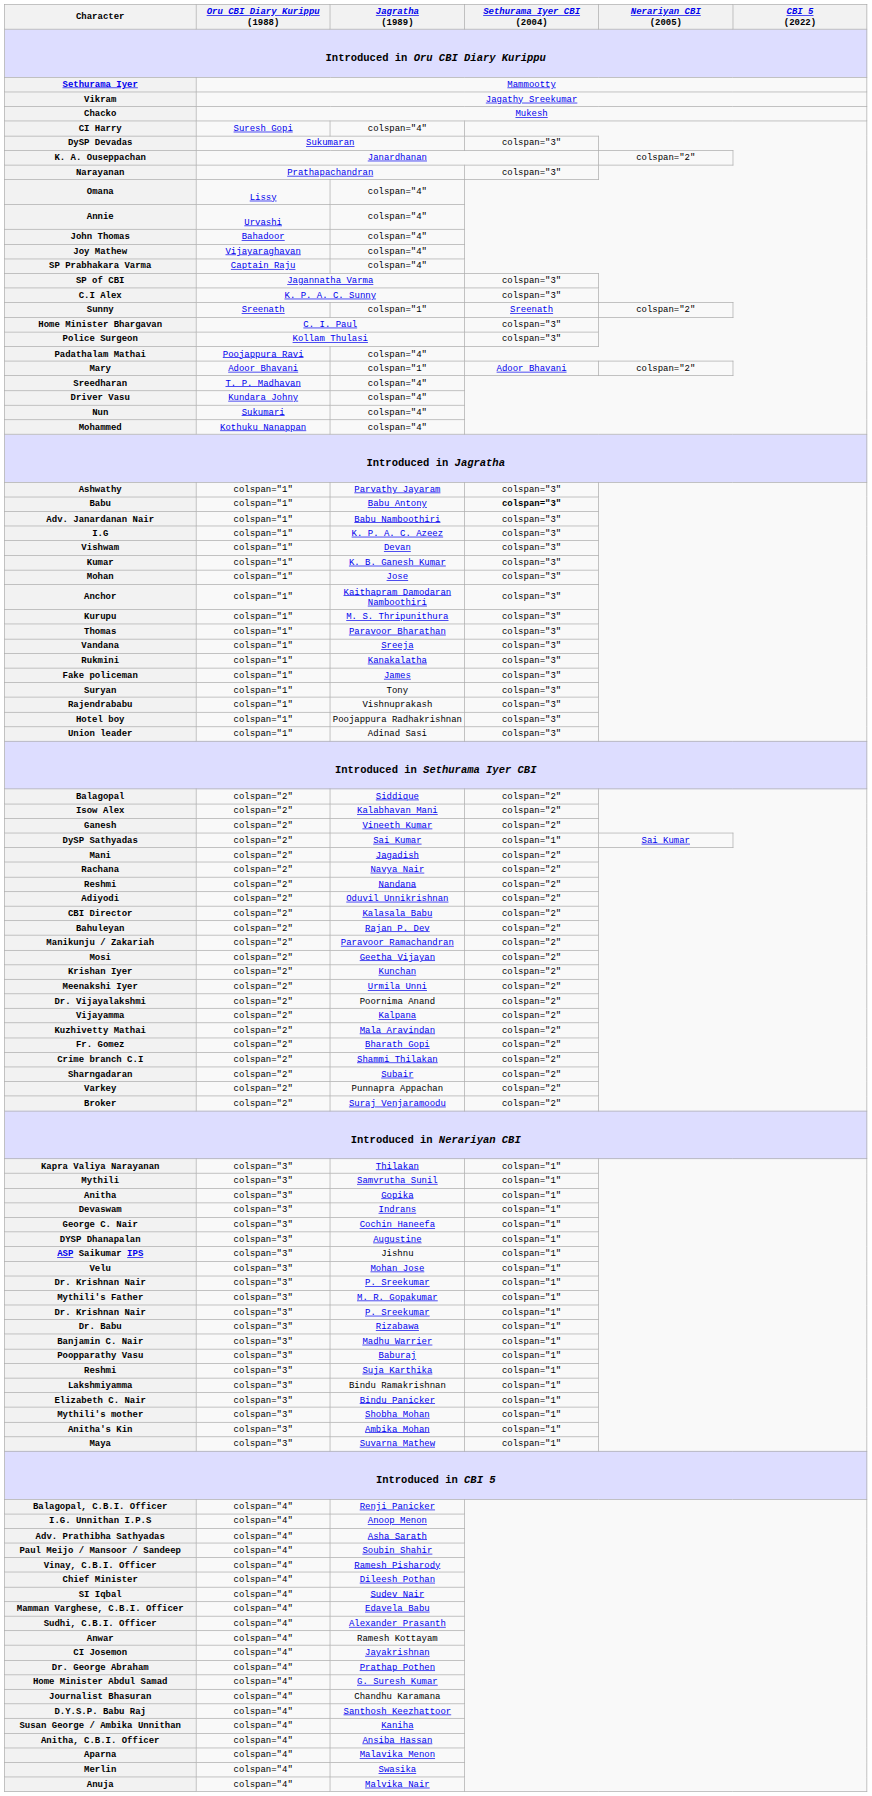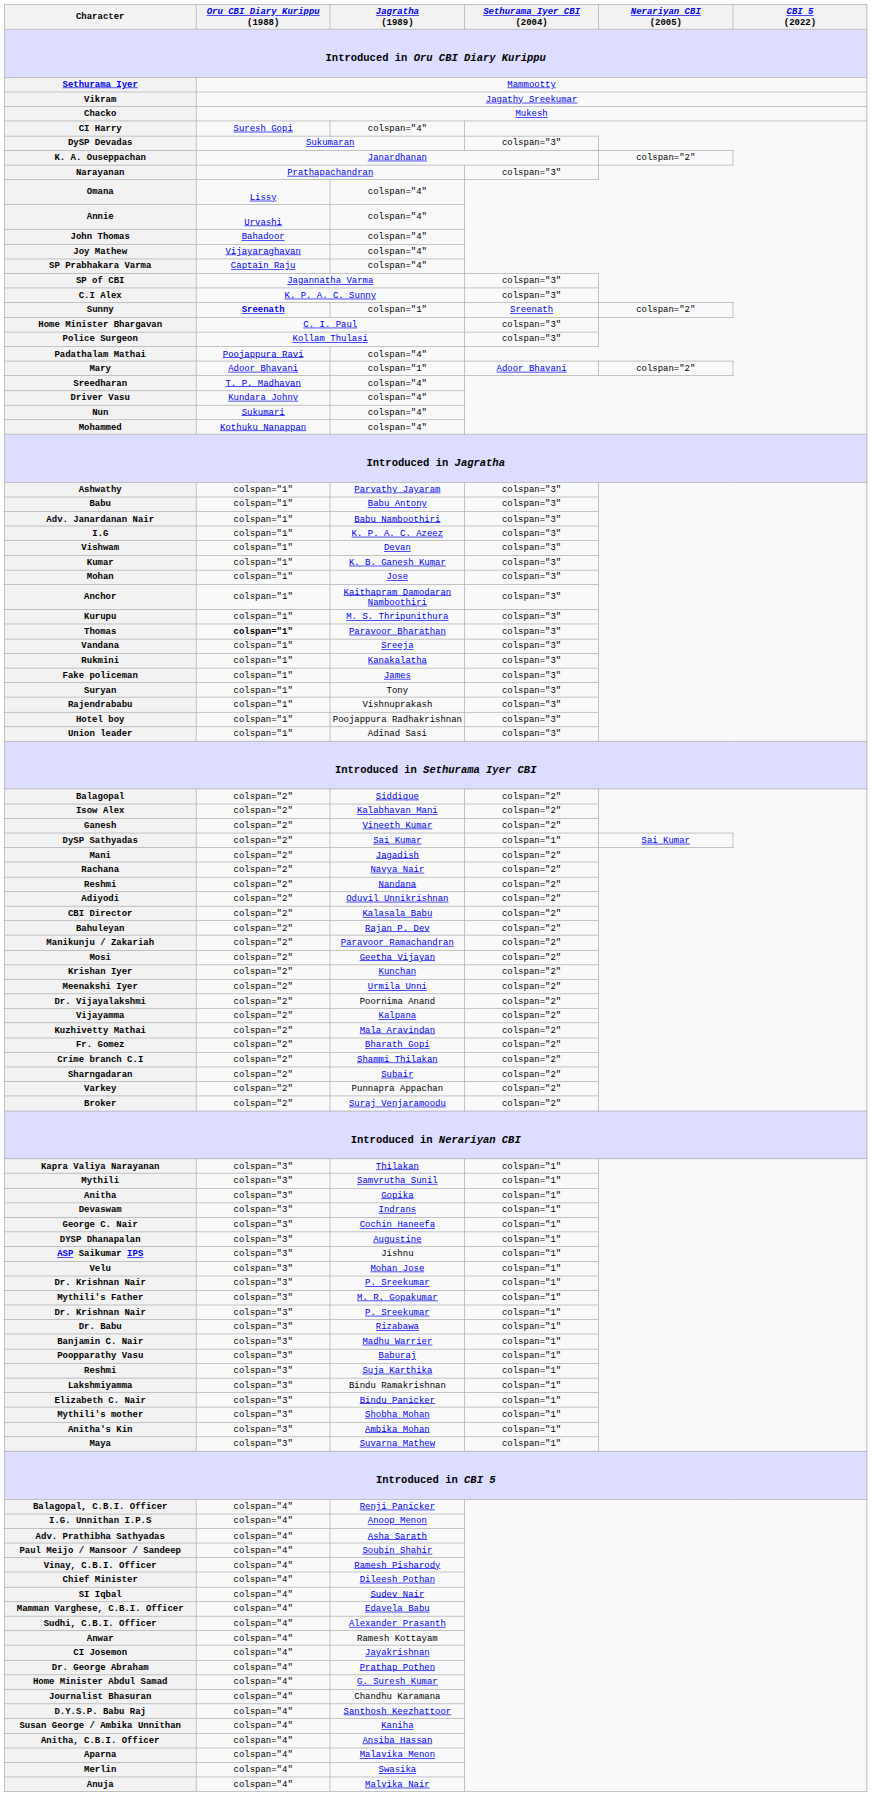 <table class="wikitable" style="text-align:center; width:99%;">
 <tr>
 <th style="width:15%;">Character</th>
 <th style="width:10.5%;"><em><a href='#'>Oru CBI Diary Kurippu</a></em><br>(1988)</th>
 <th style="width:10.5%;"><em><a href='#'>Jagratha</a></em><br>(1989)</th>
 <th style="width:10.5%;"><em><a href='#'>Sethurama Iyer CBI</a></em><br>(2004)</th>
 <th style="width:10.5%;"><em><a href='#'>Nerariyan CBI</a></em><br>(2005)</th>
 <th style="width:10.5%;"><em><a href='#'>CBI 5</a></em><br>(2022)</th>
 </tr>
 <tr>
 <th colspan="9" style="background-color:#ddf;"><br><h3>Introduced in <em>Oru CBI Diary Kurippu</em></h3></th>
 </tr>
 <tr>
 <th scope="row"><a href='#'>Sethurama Iyer</a></th>
 <td colspan="5"><a href='#'>Mammootty</a></td>
 </tr>
 <tr>
 <th scope="row">Vikram</th>
 <td colspan="5"><a href='#'>Jagathy Sreekumar</a></td>
 </tr>
 <tr>
 <th scope="row">Chacko</th>
 <td colspan="5"><a href='#'>Mukesh</a></td>
 </tr>
 <tr>
 <th scope="row">CI Harry</th>
 <td colspan="1"><a href='#'>Suresh Gopi</a></td>
 <td>colspan="4" </td>
 </tr>
 <tr>
 <th scope="row">DySP Devadas</th>
 <td colspan="2"><a href='#'>Sukumaran</a></td>
 <td>colspan="3" </td>
 </tr>
 <tr>
 <th scope="row">K. A. Ouseppachan</th>
 <td colspan="3"><a href='#'>Janardhanan</a></td>
 <td>colspan="2" </td>
 </tr>
 <tr>
 <th scope="row">Narayanan</th>
 <td colspan="2"><a href='#'>Prathapachandran</a></td>
 <td>colspan="3" </td>
 </tr>
 <tr>
 <th scope="row">Omana</th>
 <td colspan="1"><br><a href='#'>Lissy</a></td>
 <td>colspan="4" </td>
 </tr>
 <tr>
 <th scope="row">Annie</th>
 <td colspan="1"><br><a href='#'>Urvashi</a></td>
 <td>colspan="4" </td>
 </tr>
 <tr>
 <th scope="row">John Thomas</th>
 <td colspan="1"><a href='#'>Bahadoor</a></td>
 <td>colspan="4" </td>
 </tr>
 <tr>
 <th scope="row">Joy Mathew</th>
 <td colspan="1"><a href='#'>Vijayaraghavan</a></td>
 <td>colspan="4" </td>
 </tr>
 <tr>
 <th scope="row">SP Prabhakara Varma</th>
 <td colspan="1"><a href='#'>Captain Raju</a></td>
 <td>colspan="4" </td>
 </tr>
 <tr>
 <th scope="row">SP of CBI</th>
 <td colspan="2"><a href='#'>Jagannatha Varma</a></td>
 <td>colspan="3" </td>
 </tr>
 <tr>
 <th scope="row">C.I Alex</th>
 <td colspan="2"><a href='#'>K. P. A. C. Sunny</a></td>
 <td>colspan="3" </td>
 </tr>
 <tr>
 <th scope="row">Sunny</th>
-<td colspan="1"><a href='#'>Sreenath</a></td>
+<td colspan="1"><strong><a href='#'>Sreenath</a></strong></td>
 <td>colspan="1" </td>
 <td colspan="1"><a href='#'>Sreenath</a></td>
 <td>colspan="2" </td>
 </tr>
 <tr>
 <th scope="row">Home Minister Bhargavan</th>
 <td colspan="2"><a href='#'>C. I. Paul</a></td>
 <td>colspan="3" </td>
 </tr>
 <tr>
 <th scope="row">Police Surgeon</th>
 <td colspan="2"><a href='#'>Kollam Thulasi</a></td>
 <td>colspan="3" </td>
 </tr>
 <tr>
 <th scope="row">Padathalam Mathai</th>
 <td colspan="1"><a href='#'>Poojappura Ravi</a></td>
 <td>colspan="4" </td>
 </tr>
 <tr>
 <th scope="row">Mary</th>
 <td colspan="1"><a href='#'>Adoor Bhavani</a></td>
 <td>colspan="1" </td>
 <td colspan="1"><a href='#'>Adoor Bhavani</a></td>
 <td>colspan="2" </td>
 </tr>
 <tr>
 <th scope="row">Sreedharan</th>
 <td colspan="1"><a href='#'>T. P. Madhavan</a></td>
 <td>colspan="4" </td>
 </tr>
 <tr>
 <th scope="row">Driver Vasu</th>
 <td colspan="1"><a href='#'>Kundara Johny</a></td>
 <td>colspan="4" </td>
 </tr>
 <tr>
 <th scope="row">Nun</th>
 <td colspan="1"><a href='#'>Sukumari</a></td>
 <td>colspan="4" </td>
 </tr>
 <tr>
 <th scope="row">Mohammed</th>
 <td colspan="1"><a href='#'>Kothuku Nanappan</a></td>
 <td>colspan="4" </td>
 </tr>
 <tr>
 <th colspan="9" style="background-color:#ddf;"><br><h3>Introduced in <em>Jagratha</em></h3></th>
 </tr>
 <tr>
 <th scope="row">Ashwathy</th>
 <td>colspan="1"  </td>
 <td colspan="1"><a href='#'>Parvathy Jayaram</a></td>
 <td>colspan="3"  </td>
 </tr>
 <tr>
 <th scope="row">Babu</th>
 <td>colspan="1"  </td>
 <td colspan="1"><a href='#'>Babu Antony</a></td>
-<td><strong>colspan="3"  </strong></td>
+<td>colspan="3"  </td>
 </tr>
 <tr>
 <th scope="row">Adv. Janardanan Nair</th>
 <td>colspan="1"  </td>
 <td colspan="1"><a href='#'>Babu Namboothiri</a></td>
 <td>colspan="3"  </td>
 </tr>
 <tr>
 <th scope="row">I.G</th>
 <td>colspan="1"  </td>
 <td colspan="1"><a href='#'>K. P. A. C. Azeez</a></td>
 <td>colspan="3"  </td>
 </tr>
 <tr>
 <th scope="row">Vishwam</th>
 <td>colspan="1"  </td>
 <td colspan="1"><a href='#'>Devan</a></td>
 <td>colspan="3"  </td>
 </tr>
 <tr>
 <th scope="row">Kumar</th>
 <td>colspan="1"  </td>
 <td colspan="1"><a href='#'>K. B. Ganesh Kumar</a></td>
 <td>colspan="3"  </td>
 </tr>
 <tr>
 <th scope="row">Mohan</th>
 <td>colspan="1"  </td>
 <td colspan="1"><a href='#'>Jose</a></td>
 <td>colspan="3"  </td>
 </tr>
 <tr>
 <th scope="row">Anchor</th>
 <td>colspan="1"  </td>
 <td colspan="1"><a href='#'>Kaithapram Damodaran Namboothiri</a></td>
 <td>colspan="3"  </td>
 </tr>
 <tr>
 <th scope="row">Kurupu</th>
 <td>colspan="1"  </td>
 <td colspan="1"><a href='#'>M. S. Thripunithura</a></td>
 <td>colspan="3"  </td>
 </tr>
 <tr>
 <th scope="row">Thomas</th>
-<td>colspan="1"  </td>
+<td><strong>colspan="1"  </strong></td>
 <td colspan="1"><a href='#'>Paravoor Bharathan</a></td>
 <td>colspan="3"  </td>
 </tr>
 <tr>
 <th scope="row">Vandana</th>
 <td>colspan="1"  </td>
 <td colspan="1"><a href='#'>Sreeja</a></td>
 <td>colspan="3"  </td>
 </tr>
 <tr>
 <th scope="row">Rukmini</th>
 <td>colspan="1"  </td>
 <td colspan="1"><a href='#'>Kanakalatha</a></td>
 <td>colspan="3"  </td>
 </tr>
 <tr>
 <th scope="row">Fake policeman</th>
 <td>colspan="1"  </td>
 <td colspan="1"><a href='#'>James</a></td>
 <td>colspan="3"  </td>
 </tr>
 <tr>
 <th scope="row">Suryan</th>
 <td>colspan="1"  </td>
 <td colspan="1">Tony</td>
 <td>colspan="3"  </td>
 </tr>
 <tr>
 <th scope="row">Rajendrababu</th>
 <td>colspan="1"  </td>
 <td colspan="1">Vishnuprakash</td>
 <td>colspan="3"  </td>
 </tr>
 <tr>
 <th scope="row">Hotel boy</th>
 <td>colspan="1"  </td>
 <td colspan="1">Poojappura Radhakrishnan</td>
 <td>colspan="3"  </td>
 </tr>
 <tr>
 <th scope="row">Union leader</th>
 <td>colspan="1"  </td>
 <td colspan="1">Adinad Sasi</td>
 <td>colspan="3"  </td>
 </tr>
 <tr>
 <th colspan="9" style="background-color:#ddf;"><br><h3>Introduced in <em>Sethurama Iyer CBI</em></h3></th>
 </tr>
 <tr>
 <th scope="row">Balagopal</th>
 <td>colspan="2"  </td>
 <td colspan="1"><a href='#'>Siddique</a></td>
 <td>colspan="2"  </td>
 </tr>
 <tr>
 <th scope="row">Isow Alex</th>
 <td>colspan="2"  </td>
 <td colspan="1"><a href='#'>Kalabhavan Mani</a></td>
 <td>colspan="2"  </td>
 </tr>
 <tr>
 <th scope="row">Ganesh</th>
 <td>colspan="2"  </td>
 <td colspan="1"><a href='#'>Vineeth Kumar</a></td>
 <td>colspan="2"  </td>
 </tr>
 <tr>
 <th scope="row">DySP Sathyadas</th>
 <td>colspan="2"  </td>
 <td colspan="1"><a href='#'>Sai Kumar</a></td>
 <td>colspan="1"  </td>
 <td colspan="1"><a href='#'>Sai Kumar</a></td>
 </tr>
 <tr>
 <th scope="row">Mani</th>
 <td>colspan="2"  </td>
 <td colspan="1"><a href='#'>Jagadish</a></td>
 <td>colspan="2"  </td>
 </tr>
 <tr>
 <th scope="row">Rachana</th>
 <td>colspan="2"  </td>
 <td colspan="1"><a href='#'>Navya Nair</a></td>
 <td>colspan="2"  </td>
 </tr>
 <tr>
 <th scope="row">Reshmi</th>
 <td>colspan="2"  </td>
 <td colspan="1"><a href='#'>Nandana</a></td>
 <td>colspan="2"  </td>
 </tr>
 <tr>
 <th scope="row">Adiyodi</th>
 <td>colspan="2"  </td>
 <td colspan="1"><a href='#'>Oduvil Unnikrishnan</a></td>
 <td>colspan="2"  </td>
 </tr>
 <tr>
 <th scope="row">CBI Director</th>
 <td>colspan="2"  </td>
 <td colspan="1"><a href='#'>Kalasala Babu</a></td>
 <td>colspan="2"  </td>
 </tr>
 <tr>
 <th scope="row">Bahuleyan</th>
 <td>colspan="2"  </td>
 <td colspan="1"><a href='#'>Rajan P. Dev</a></td>
 <td>colspan="2"  </td>
 </tr>
 <tr>
 <th scope="row">Manikunju / Zakariah</th>
 <td>colspan="2"  </td>
 <td colspan="1"><a href='#'>Paravoor Ramachandran</a></td>
 <td>colspan="2"  </td>
 </tr>
 <tr>
 <th scope="row">Mosi</th>
 <td>colspan="2"  </td>
 <td colspan="1"><a href='#'>Geetha Vijayan</a></td>
 <td>colspan="2"  </td>
 </tr>
 <tr>
 <th scope="row">Krishan Iyer</th>
 <td>colspan="2"  </td>
 <td colspan="1"><a href='#'>Kunchan</a></td>
 <td>colspan="2"  </td>
 </tr>
 <tr>
 <th scope="row">Meenakshi Iyer</th>
 <td>colspan="2"  </td>
 <td colspan="1"><a href='#'>Urmila Unni</a></td>
 <td>colspan="2"  </td>
 </tr>
 <tr>
 <th scope="row">Dr. Vijayalakshmi</th>
 <td>colspan="2"  </td>
 <td colspan="1">Poornima Anand</td>
 <td>colspan="2"  </td>
 </tr>
 <tr>
 <th scope="row">Vijayamma</th>
 <td>colspan="2"  </td>
 <td colspan="1"><a href='#'>Kalpana</a></td>
 <td>colspan="2"  </td>
 </tr>
 <tr>
 <th scope="row">Kuzhivetty Mathai</th>
 <td>colspan="2"  </td>
 <td colspan="1"><a href='#'>Mala Aravindan</a></td>
 <td>colspan="2"  </td>
 </tr>
 <tr>
 <th scope="row">Fr. Gomez</th>
 <td>colspan="2"  </td>
 <td colspan="1"><a href='#'>Bharath Gopi</a></td>
 <td>colspan="2"  </td>
 </tr>
 <tr>
 <th scope="row">Crime branch C.I</th>
 <td>colspan="2"  </td>
 <td colspan="1"><a href='#'>Shammi Thilakan</a></td>
 <td>colspan="2"  </td>
 </tr>
 <tr>
 <th scope="row">Sharngadaran</th>
 <td>colspan="2"  </td>
 <td colspan="1"><a href='#'>Subair</a></td>
 <td>colspan="2"  </td>
 </tr>
 <tr>
 <th scope="row">Varkey</th>
 <td>colspan="2"  </td>
 <td colspan="1">Punnapra Appachan</td>
 <td>colspan="2"  </td>
 </tr>
 <tr>
 <th scope="row">Broker</th>
 <td>colspan="2"  </td>
 <td colspan="1"><a href='#'>Suraj Venjaramoodu</a></td>
 <td>colspan="2"  </td>
 </tr>
 <tr>
 <th colspan="9" style="background-color:#ddf;"><br><h3>Introduced in <em>Nerariyan CBI</em></h3></th>
 </tr>
 <tr>
 <th scope="row">Kapra Valiya Narayanan</th>
 <td>colspan="3"  </td>
 <td colspan="1"><a href='#'>Thilakan</a></td>
 <td>colspan="1"  </td>
 </tr>
 <tr>
 <th scope="row">Mythili</th>
 <td>colspan="3"  </td>
 <td colspan="1"><a href='#'>Samvrutha Sunil</a></td>
 <td>colspan="1"  </td>
 </tr>
 <tr>
 <th scope="row">Anitha</th>
 <td>colspan="3"  </td>
 <td colspan="1"><a href='#'>Gopika</a></td>
 <td>colspan="1"  </td>
 </tr>
 <tr>
 <th scope="row">Devaswam</th>
 <td>colspan="3"  </td>
 <td colspan="1"><a href='#'>Indrans</a></td>
 <td>colspan="1"  </td>
 </tr>
 <tr>
 <th scope="row">George C. Nair</th>
 <td>colspan="3"  </td>
 <td colspan="1"><a href='#'>Cochin Haneefa</a></td>
 <td>colspan="1"  </td>
 </tr>
 <tr>
 <th scope="row">DYSP Dhanapalan</th>
 <td>colspan="3"  </td>
 <td colspan="1"><a href='#'>Augustine</a></td>
 <td>colspan="1"  </td>
 </tr>
 <tr>
 <th scope="row"><a href='#'>ASP</a> Saikumar <a href='#'>IPS</a></th>
 <td>colspan="3"  </td>
 <td colspan="1">Jishnu</td>
 <td>colspan="1"  </td>
 </tr>
 <tr>
 <th scope="row">Velu</th>
 <td>colspan="3"  </td>
 <td colspan="1"><a href='#'>Mohan Jose</a></td>
 <td>colspan="1"  </td>
 </tr>
 <tr>
 <th scope="row">Dr. Krishnan Nair</th>
 <td>colspan="3"  </td>
 <td colspan="1"><a href='#'>P. Sreekumar</a></td>
 <td>colspan="1"  </td>
 </tr>
 <tr>
 <th scope="row">Mythili's Father</th>
 <td>colspan="3"  </td>
 <td colspan="1"><a href='#'>M. R. Gopakumar</a></td>
 <td>colspan="1"  </td>
 </tr>
 <tr>
 <th scope="row">Dr. Krishnan Nair</th>
 <td>colspan="3"  </td>
 <td colspan="1"><a href='#'>P. Sreekumar</a></td>
 <td>colspan="1"  </td>
 </tr>
 <tr>
 <th scope="row">Dr. Babu</th>
 <td>colspan="3"  </td>
 <td colspan="1"><a href='#'>Rizabawa</a></td>
 <td>colspan="1"  </td>
 </tr>
 <tr>
 <th scope="row">Banjamin C. Nair</th>
 <td>colspan="3"  </td>
 <td colspan="1"><a href='#'>Madhu Warrier</a></td>
 <td>colspan="1"  </td>
 </tr>
 <tr>
 <th scope="row">Poopparathy Vasu</th>
 <td>colspan="3"  </td>
 <td colspan="1"><a href='#'>Baburaj</a></td>
 <td>colspan="1"  </td>
 </tr>
 <tr>
 <th scope="row">Reshmi</th>
 <td>colspan="3"  </td>
 <td colspan="1"><a href='#'>Suja Karthika</a></td>
 <td>colspan="1"  </td>
 </tr>
 <tr>
 <th scope="row">Lakshmiyamma</th>
 <td>colspan="3"  </td>
 <td colspan="1">Bindu Ramakrishnan</td>
 <td>colspan="1"  </td>
 </tr>
 <tr>
 <th scope="row">Elizabeth C. Nair</th>
 <td>colspan="3"  </td>
 <td colspan="1"><a href='#'>Bindu Panicker</a></td>
 <td>colspan="1"  </td>
 </tr>
 <tr>
 <th scope="row">Mythili's mother</th>
 <td>colspan="3"  </td>
 <td colspan="1"><a href='#'>Shobha Mohan</a></td>
 <td>colspan="1"  </td>
 </tr>
 <tr>
 <th scope="row">Anitha's Kin</th>
 <td>colspan="3"  </td>
 <td colspan="1"><a href='#'>Ambika Mohan</a></td>
 <td>colspan="1"  </td>
 </tr>
 <tr>
 <th scope="row">Maya</th>
 <td>colspan="3"  </td>
 <td colspan="1"><a href='#'>Suvarna Mathew</a></td>
 <td>colspan="1"  </td>
 </tr>
 <tr>
 <th colspan="9" style="background-color:#ddf;"><br><h3>Introduced in <em>CBI 5</em></h3></th>
 </tr>
 <tr>
 <th scope="row">Balagopal, C.B.I. Officer</th>
 <td>colspan="4"  </td>
 <td colspan="1"><a href='#'>Renji Panicker</a></td>
 </tr>
 <tr>
 <th scope="row">I.G. Unnithan I.P.S</th>
 <td>colspan="4"  </td>
 <td colspan="1"><a href='#'>Anoop Menon</a></td>
 </tr>
 <tr>
 <th scope="row">Adv. Prathibha Sathyadas</th>
 <td>colspan="4"  </td>
 <td colspan="1"><a href='#'>Asha Sarath</a></td>
 </tr>
 <tr>
 <th scope="row">Paul Meijo / Mansoor / Sandeep</th>
 <td>colspan="4"  </td>
 <td colspan="1"><a href='#'>Soubin Shahir</a></td>
 </tr>
 <tr>
 <th scope="row">Vinay, C.B.I. Officer</th>
 <td>colspan="4"  </td>
 <td colspan="1"><a href='#'>Ramesh Pisharody</a></td>
 </tr>
 <tr>
 <th scope="row">Chief Minister</th>
 <td>colspan="4"  </td>
 <td colspan="1"><a href='#'>Dileesh Pothan</a></td>
 </tr>
 <tr>
 <th scope="row">SI Iqbal</th>
 <td>colspan="4"  </td>
 <td colspan="1"><a href='#'>Sudev Nair</a></td>
 </tr>
 <tr>
 <th scope="row">Mamman Varghese, C.B.I. Officer</th>
 <td>colspan="4"  </td>
 <td colspan="1"><a href='#'>Edavela Babu</a></td>
 </tr>
 <tr>
 <th scope="row">Sudhi, C.B.I. Officer</th>
 <td>colspan="4"  </td>
 <td colspan="1"><a href='#'>Alexander Prasanth</a></td>
 </tr>
 <tr>
 <th scope="row">Anwar</th>
 <td>colspan="4"  </td>
 <td colspan="1">Ramesh Kottayam</td>
 </tr>
 <tr>
 <th scope="row">CI Josemon</th>
 <td>colspan="4"  </td>
 <td colspan="1"><a href='#'>Jayakrishnan</a></td>
 </tr>
 <tr>
 <th scope="row">Dr. George Abraham</th>
 <td>colspan="4"  </td>
 <td colspan="1"><a href='#'>Prathap Pothen</a></td>
 </tr>
 <tr>
 <th scope="row">Home Minister Abdul Samad</th>
 <td>colspan="4"  </td>
 <td colspan="1"><a href='#'>G. Suresh Kumar</a></td>
 </tr>
 <tr>
 <th scope="row">Journalist Bhasuran</th>
 <td>colspan="4"  </td>
 <td colspan="1">Chandhu Karamana</td>
 </tr>
 <tr>
 <th scope="row">D.Y.S.P. Babu Raj</th>
 <td>colspan="4"  </td>
 <td colspan="1"><a href='#'>Santhosh Keezhattoor</a></td>
 </tr>
 <tr>
 <th scope="row">Susan George / Ambika Unnithan</th>
 <td>colspan="4"  </td>
 <td colspan="1"><a href='#'>Kaniha</a></td>
 </tr>
 <tr>
 <th scope="row">Anitha, C.B.I. Officer</th>
 <td>colspan="4"  </td>
 <td colspan="1"><a href='#'>Ansiba Hassan</a></td>
 </tr>
 <tr>
 <th scope="row">Aparna</th>
 <td>colspan="4"  </td>
 <td colspan="1"><a href='#'>Malavika Menon</a></td>
 </tr>
 <tr>
 <th scope="row">Merlin</th>
 <td>colspan="4"  </td>
 <td colspan="1"><a href='#'>Swasika</a></td>
 </tr>
 <tr>
 <th scope="row">Anuja</th>
 <td>colspan="4"  </td>
 <td colspan="1"><a href='#'>Malvika Nair</a></td>
 </tr>
 </table>
